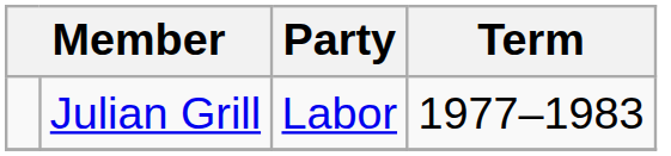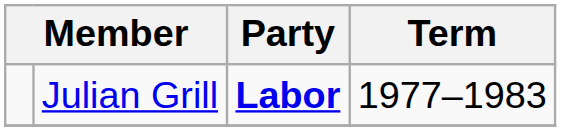 <table class="wikitable">
 <tr>
 <th colspan="2">Member</th>
 <th>Party</th>
 <th>Term</th>
 </tr>
 <tr>
 <td> </td>
 <td><a href='#'>Julian Grill</a></td>
-<td><a href='#'>Labor</a></td>
+<td><strong><a href='#'>Labor</a></strong></td>
 <td>1977–1983</td>
 </tr>
 <tr>
 </tr>
 </table>
